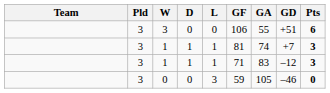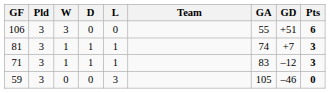 <table class="wikitable" style="text-align: center;">
 <tr>
-<th width="180">Team</th>
+<th width="30">GF</th>
 <th width="30">Pld</th>
 <th width="30">W</th>
 <th width="30">D</th>
 <th width="30">L</th>
-<th width="30">GF</th>
+<th width="180">Team</th>
 <th width="30">GA</th>
 <th width="30">GD</th>
 <th width="30">Pts</th>
 </tr>
 <tr>
-<td align="left"></td>
+<td>106</td>
 <td>3</td>
 <td>3</td>
 <td>0</td>
 <td>0</td>
-<td>106</td>
+<td align="left"></td>
 <td>55</td>
 <td>+51</td>
 <td><strong>6</strong></td>
 </tr>
 <tr>
-<td align="left"></td>
+<td>81</td>
 <td>3</td>
 <td>1</td>
 <td>1</td>
 <td>1</td>
-<td>81</td>
+<td align="left"></td>
 <td>74</td>
 <td>+7</td>
 <td><strong>3</strong></td>
 </tr>
 <tr>
-<td align="left"></td>
+<td>71</td>
 <td>3</td>
 <td>1</td>
 <td>1</td>
 <td>1</td>
-<td>71</td>
+<td align="left"></td>
 <td>83</td>
 <td>–12</td>
 <td><strong>3</strong></td>
 </tr>
 <tr>
-<td align="left"></td>
+<td>59</td>
 <td>3</td>
 <td>0</td>
 <td>0</td>
 <td>3</td>
-<td>59</td>
+<td align="left"></td>
 <td>105</td>
 <td>–46</td>
 <td><strong>0</strong></td>
 </tr>
 </table>
